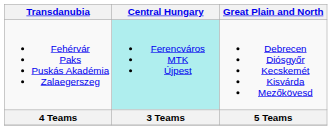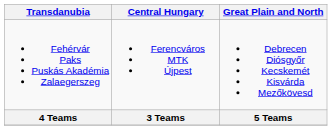 <table class="wikitable" style="clear:right;white-space:nowrap;">
 <tr>
 <th width="33%"><a href='#'>Transdanubia</a></th>
 <th width="33%"><a href='#'>Central Hungary</a></th>
 <th width="33%"><a href='#'>Great Plain and North</a></th>
 </tr>
 <tr align="center" valign="top">
 <td><br><ul><li><a href='#'>Fehérvár</a></li><li><a href='#'>Paks</a></li><li><a href='#'>Puskás Akadémia</a></li><li><a href='#'>Zalaegerszeg</a></li></ul></td>
-<td style="background: paleturquoise;"><br><ul><li><a href='#'>Ferencváros</a></li><li><a href='#'>MTK</a></li><li><a href='#'>Újpest</a></li></ul></td>
+<td><br><ul><li><a href='#'>Ferencváros</a></li><li><a href='#'>MTK</a></li><li><a href='#'>Újpest</a></li></ul></td>
 <td><br><ul><li><a href='#'>Debrecen</a></li><li><a href='#'>Diósgyőr</a></li><li><a href='#'>Kecskemét</a></li><li><a href='#'>Kisvárda</a></li><li><a href='#'>Mezőkövesd</a></li></ul></td>
 </tr>
 <tr>
 <th>4 Teams</th>
 <th>3 Teams</th>
 <th>5 Teams</th>
 </tr>
 <tr>
 </tr>
 </table>
